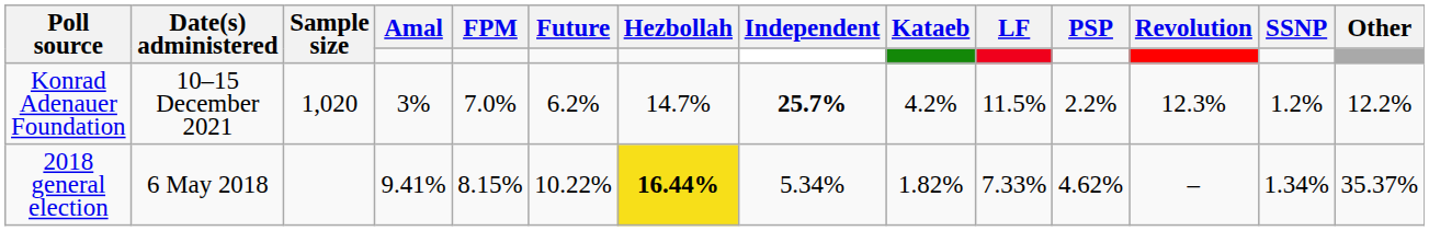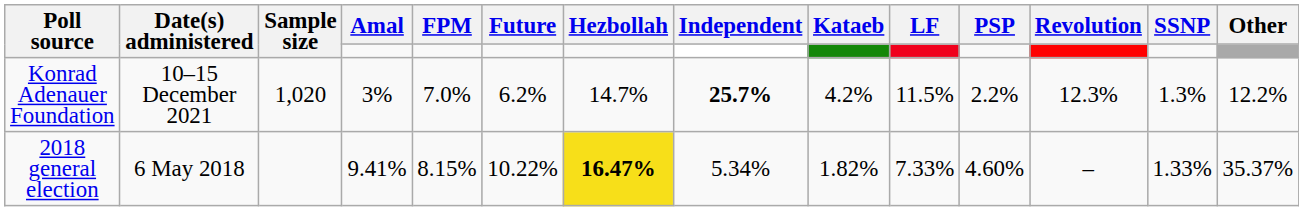 <table class="wikitable" style="text-align:center;font-size:95%;line-height:14px;">
 <tr>
 <th rowspan="2" style="width:80px;">Poll source</th>
 <th rowspan="2" style="width:130px;">Date(s) administered</th>
 <th rowspan="2" style="width:70px;">Sample size</th>
 <th style="width:50px;"><a href='#'>Amal</a></th>
 <th style="width:50px;"><a href='#'>FPM</a></th>
 <th style="width:50px;"><a href='#'>Future</a></th>
 <th style="width:50px;"><a href='#'>Hezbollah</a></th>
 <th style="width:50px;"><a href='#'>Independent</a></th>
 <th style="width:50px;"><a href='#'>Kataeb</a></th>
 <th style="width:50px;"><a href='#'>LF</a></th>
 <th style="width:50px;"><a href='#'>PSP</a></th>
 <th style="width:50px;"><a href='#'>Revolution</a></th>
 <th style="width:50px;"><a href='#'>SSNP</a></th>
 <th style="width:50px;">Other</th>
 </tr>
 <tr>
 <td></td>
 <td></td>
 <td></td>
 <td></td>
 <td bgcolor="white"></td>
 <td bgcolor="138808"></td>
 <td bgcolor="F0001C"></td>
 <td></td>
 <td bgcolor="red"></td>
 <td></td>
 <td bgcolor="darkgray"></td>
 </tr>
 <tr>
 <td><a href='#'>Konrad Adenauer Foundation</a></td>
 <td>10–15 December 2021</td>
 <td>1,020</td>
 <td>3%</td>
 <td>7.0%</td>
 <td>6.2%</td>
 <td>14.7%</td>
 <td><strong>25.7%</strong></td>
 <td>4.2%</td>
 <td>11.5%</td>
 <td>2.2%</td>
 <td>12.3%</td>
-<td>1.2%</td>
+<td>1.3%</td>
 <td>12.2%</td>
 </tr>
 <tr>
 <td><a href='#'>2018 general election</a></td>
 <td>6 May 2018</td>
 <td></td>
 <td>9.41%</td>
 <td>8.15%</td>
 <td>10.22%</td>
-<td bgcolor="#F7DF19"><strong>16.44%</strong></td>
+<td bgcolor="#F7DF19"><strong>16.47%</strong></td>
 <td>5.34%</td>
 <td>1.82%</td>
 <td>7.33%</td>
-<td>4.62%</td>
+<td>4.60%</td>
 <td>–</td>
-<td>1.34%</td>
+<td>1.33%</td>
 <td>35.37%</td>
 </tr>
 </table>
